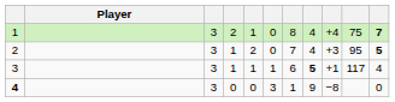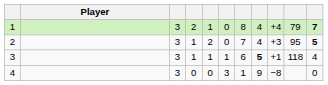 <table class="wikitable" style="text-align:center; margin: 1em auto 1em auto, align:left">
 <tr>
 <th width=20></th>
 <th width=240>Player</th>
 <th width=20></th>
 <th width=20></th>
 <th width=20></th>
 <th width=20></th>
 <th width=20></th>
 <th width=20></th>
 <th width=20></th>
 <th width=30></th>
 <th width=20></th>
 </tr>
 <tr style="background:#D0F0C0;">
 <td>1</td>
 <td align=left></td>
 <td>3</td>
 <td>2</td>
 <td>1</td>
 <td>0</td>
 <td>8</td>
 <td>4</td>
 <td>+4</td>
-<td>75</td>
+<td>79</td>
 <td><strong>7</strong></td>
 </tr>
 <tr style=>
 <td>2</td>
 <td align=left></td>
 <td>3</td>
 <td>1</td>
 <td>2</td>
 <td>0</td>
 <td>7</td>
 <td>4</td>
 <td>+3</td>
 <td>95</td>
 <td><strong>5</strong></td>
 </tr>
 <tr style=>
 <td>3</td>
 <td align=left></td>
 <td>3</td>
 <td>1</td>
 <td>1</td>
 <td>1</td>
 <td>6</td>
 <td><strong>5</strong></td>
 <td>+1</td>
-<td>117</td>
+<td>118</td>
 <td>4</td>
 </tr>
 <tr style=>
-<td><strong>4</strong></td>
+<td>4</td>
 <td align=left></td>
 <td>3</td>
 <td>0</td>
 <td>0</td>
 <td>3</td>
 <td>1</td>
 <td>9</td>
 <td>−8</td>
 <td></td>
 <td>0</td>
 </tr>
 </table>
